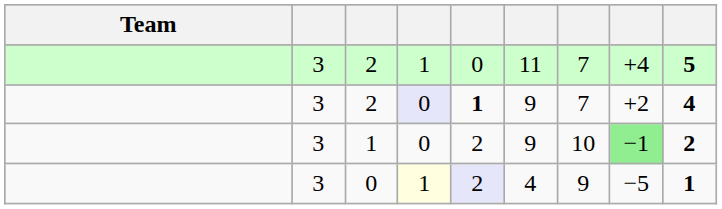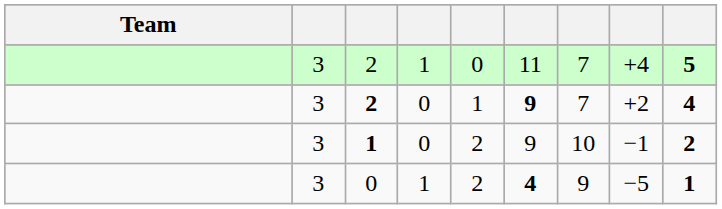 <table class="wikitable" style="text-align: center; font-size: 90%;">
 <tr>
 <th width="165">Team</th>
 <th width="25"></th>
 <th width="25"></th>
 <th width="25"></th>
 <th width="25"></th>
 <th width="25"></th>
 <th width="25"></th>
 <th width="25"></th>
 <th width="25"></th>
 </tr>
 <tr style="background:#cfc;">
 <td style="text-align:left"></td>
 <td>3</td>
 <td>2</td>
 <td>1</td>
 <td>0</td>
 <td>11</td>
 <td>7</td>
 <td>+4</td>
 <td><strong>5</strong></td>
 </tr>
 <tr>
 <td style="text-align:left"></td>
 <td>3</td>
-<td>2</td>
-<td style="background: lavender;">0</td>
-<td><strong>1</strong></td>
-<td>9</td>
+<td><strong>2</strong></td>
+<td>0</td>
+<td>1</td>
+<td><strong>9</strong></td>
 <td>7</td>
 <td>+2</td>
 <td><strong>4</strong></td>
 </tr>
 <tr>
 <td style="text-align:left"></td>
 <td>3</td>
-<td>1</td>
+<td><strong>1</strong></td>
 <td>0</td>
 <td>2</td>
 <td>9</td>
 <td>10</td>
-<td style="background: lightgreen;">−1</td>
+<td>−1</td>
 <td><strong>2</strong></td>
 </tr>
 <tr>
 <td style="text-align:left"></td>
 <td>3</td>
 <td>0</td>
-<td style="background: lightyellow;">1</td>
-<td style="background: lavender;">2</td>
-<td>4</td>
+<td>1</td>
+<td>2</td>
+<td><strong>4</strong></td>
 <td>9</td>
 <td>−5</td>
 <td><strong>1</strong></td>
 </tr>
 </table>
